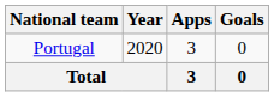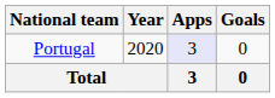 <table class="wikitable" style="text-align:center">
 <tr>
 <th>National team</th>
 <th>Year</th>
 <th>Apps</th>
 <th>Goals</th>
 </tr>
 <tr>
 <td rowspan="1"><a href='#'>Portugal</a></td>
 <td>2020</td>
-<td>3</td>
+<td style="background: lavender;">3</td>
 <td>0</td>
 </tr>
 <tr>
 <th colspan="2">Total</th>
 <th>3</th>
 <th>0</th>
 </tr>
 </table>
